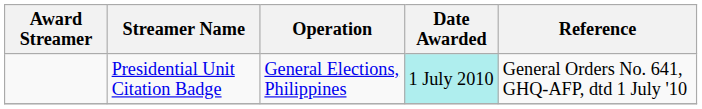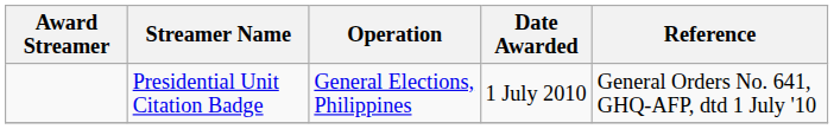 <table class="wikitable">
 <tr>
 <th>Award Streamer</th>
 <th>Streamer Name</th>
 <th>Operation</th>
 <th>Date Awarded</th>
 <th>Reference</th>
 </tr>
 <tr>
 <td></td>
 <td><a href='#'>Presidential Unit Citation Badge</a></td>
 <td><a href='#'>General Elections, Philippines</a></td>
-<td style="background: paleturquoise;">1 July 2010</td>
+<td>1 July 2010</td>
 <td>General Orders No. 641, GHQ-AFP, dtd 1 July '10</td>
 </tr>
 <tr>
 </tr>
 </table>
